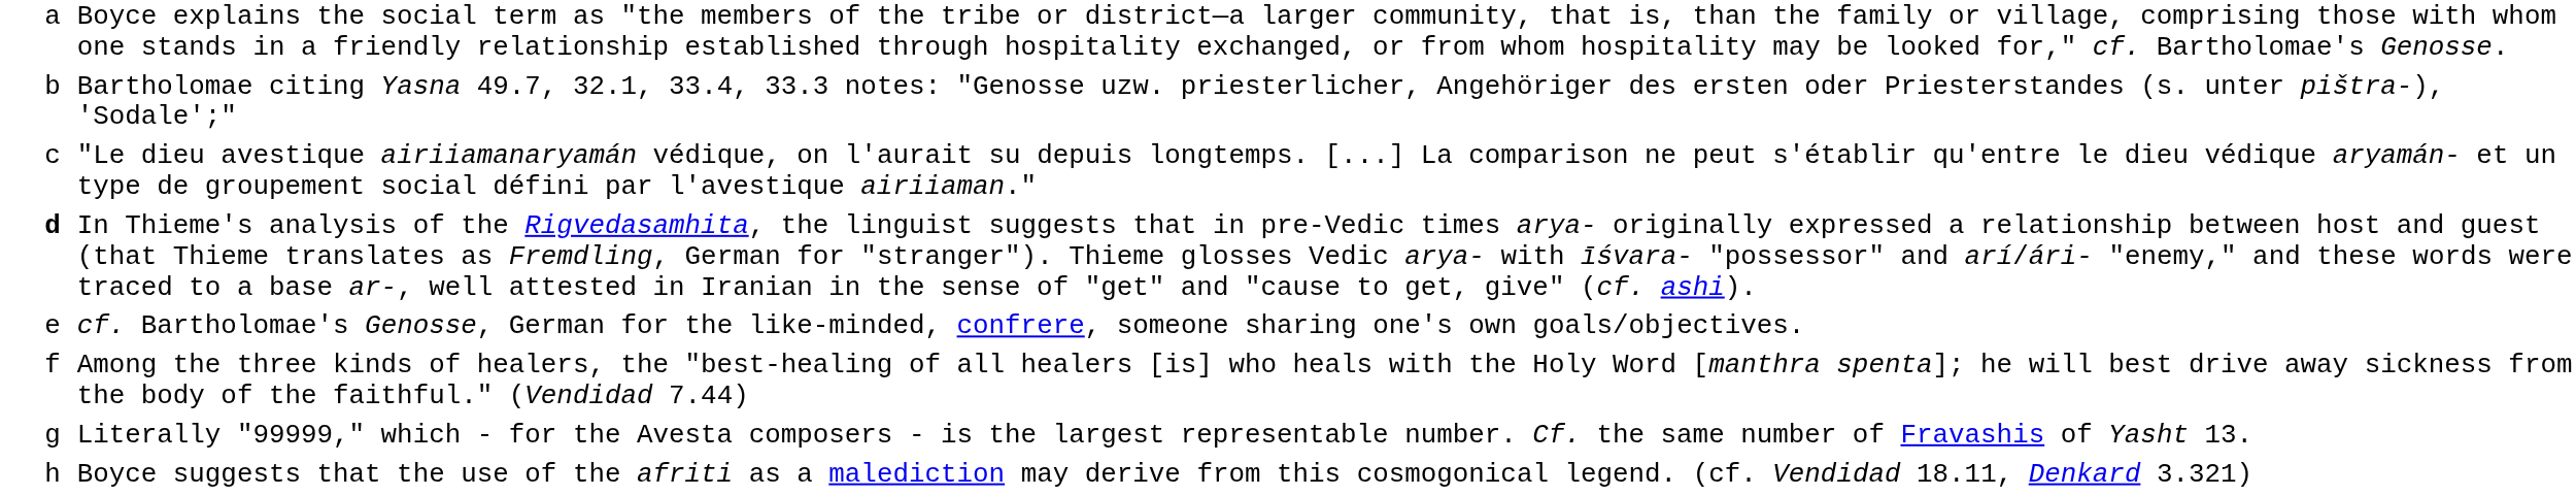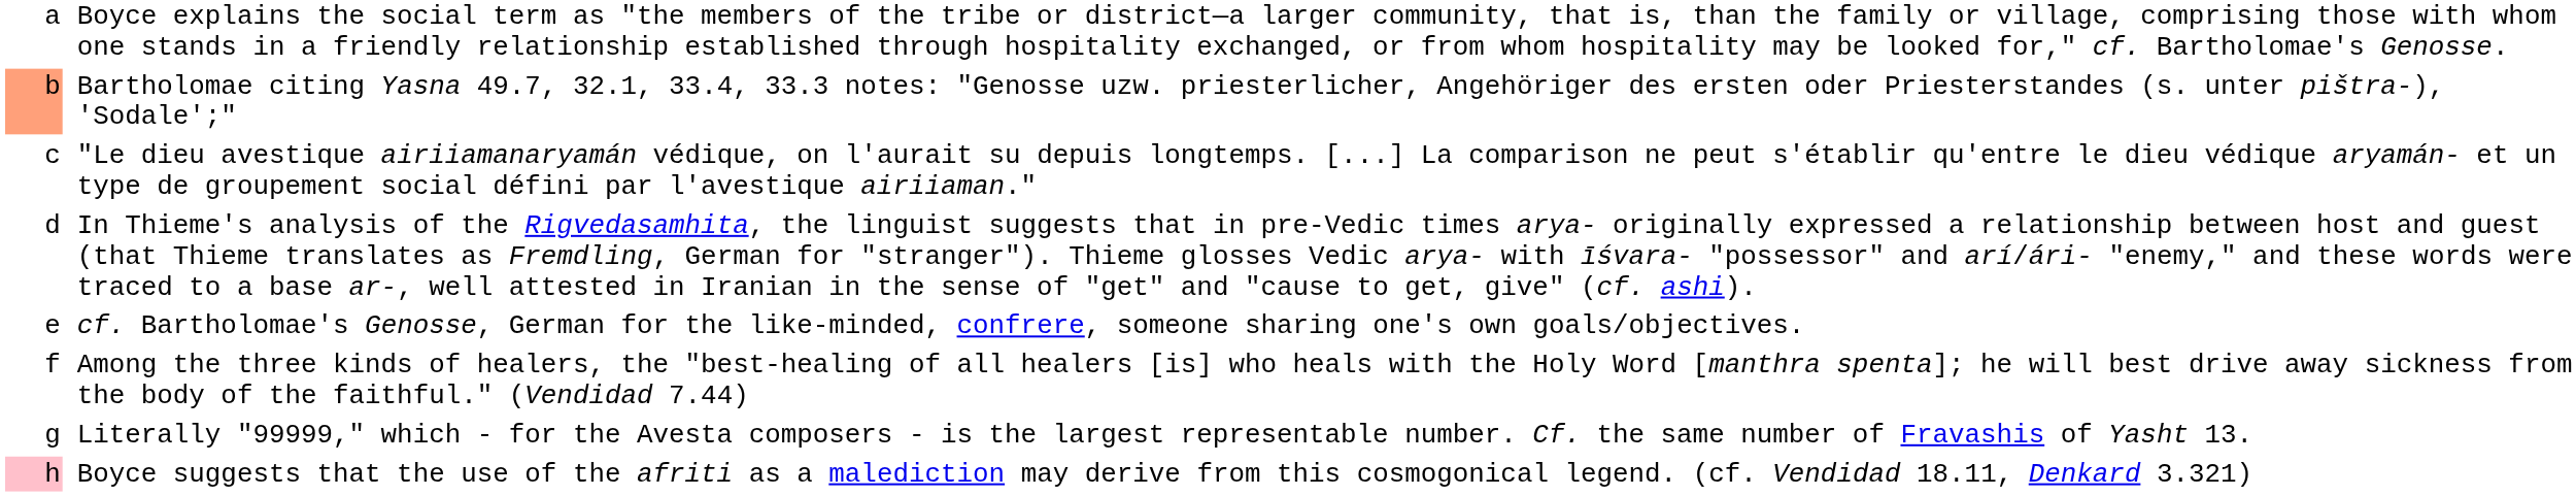 <table>
 <tr>
 <td valign="top" style="width:2em;text-align:right;">a</td>
 <td valign="top"></td>
 <td>Boyce explains the social term as "the members of the tribe or district—a larger community, that is, than the family or village, comprising those with whom one stands in a friendly relationship established through hospitality exchanged, or from whom hospitality may be looked for," <em>cf.</em> Bartholomae's <em>Genosse</em>.</td>
 </tr>
 <tr>
-<td valign="top" style="width:2em;text-align:right;">b</td>
+<td valign="top" style="background: lightsalmon; width:2em;text-align:right;">b</td>
 <td valign="top"></td>
 <td>Bartholomae citing <em>Yasna</em> 49.7, 32.1, 33.4, 33.3 notes: "Genosse uzw. priesterlicher, Angehöriger des ersten oder Priesterstandes (s. unter <em>pištra-</em>), 'Sodale';"</td>
 </tr>
 <tr>
 <td valign="top" style="width:2em;text-align:right;">c</td>
 <td valign="top"></td>
 <td>"Le dieu avestique <em>airiiaman</em><em>aryamán</em> védique, on l'aurait su depuis longtemps. [...] La comparison ne peut s'établir qu'entre le dieu védique <em>aryamán-</em> et un type de groupement social défini par l'avestique <em>airiiaman</em>."</td>
 </tr>
 <tr>
-<td valign="top" style="width:2em;text-align:right;"><strong>d</strong></td>
+<td valign="top" style="width:2em;text-align:right;">d</td>
 <td valign="top"></td>
 <td>In Thieme's analysis of the <em><a href='#'>Rigvedasamhita</a></em>, the linguist suggests that in pre-Vedic times <em>arya-</em> originally expressed a relationship between host and guest (that Thieme translates as <em>Fremdling</em>, German for "stranger"). Thieme glosses Vedic <em>arya-</em> with <em>īśvara-</em> "possessor" and <em>arí</em>/<em>ári-</em> "enemy," and these words were traced to a base <em>ar-</em>, well attested in Iranian in the sense of "get" and "cause to get, give" (<em>cf.</em> <em><a href='#'>ashi</a></em>).</td>
 </tr>
 <tr>
 <td valign="top" style="width:2em;text-align:right;">e</td>
 <td valign="top"></td>
 <td><em>cf.</em> Bartholomae's <em>Genosse</em>, German for the like-minded, <a href='#'>confrere</a>, someone sharing one's own goals/objectives.</td>
 </tr>
 <tr>
 <td valign="top" style="width:2em;text-align:right;">f</td>
 <td valign="top"></td>
 <td>Among the three kinds of healers, the "best-healing of all healers [is] who heals with the Holy Word [<em>manthra spenta</em>]; he will best drive away sickness from the body of the faithful." (<em>Vendidad</em> 7.44)</td>
 </tr>
 <tr>
 <td valign="top" style="width:2em;text-align:right;">g</td>
 <td valign="top"></td>
 <td>Literally "99999," which - for the Avesta composers - is the largest representable number. <em>Cf.</em> the same number of <a href='#'>Fravashis</a> of <em>Yasht</em> 13.</td>
 </tr>
 <tr>
-<td valign="top" style="width:2em;text-align:right;">h</td>
+<td valign="top" style="background: pink; width:2em;text-align:right;">h</td>
 <td valign="top"></td>
 <td>Boyce suggests that the use of the <em>afriti</em> as a <a href='#'>malediction</a> may derive from this cosmogonical legend. (cf. <em>Vendidad</em> 18.11, <em><a href='#'>Denkard</a></em> 3.321)</td>
 </tr>
 </table>
